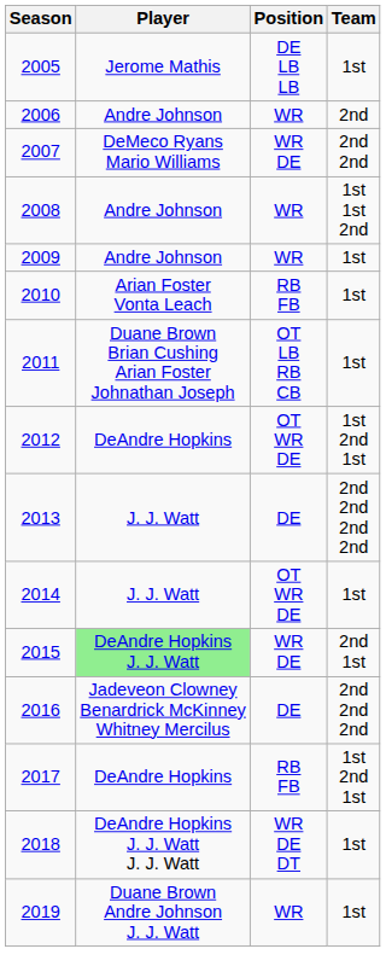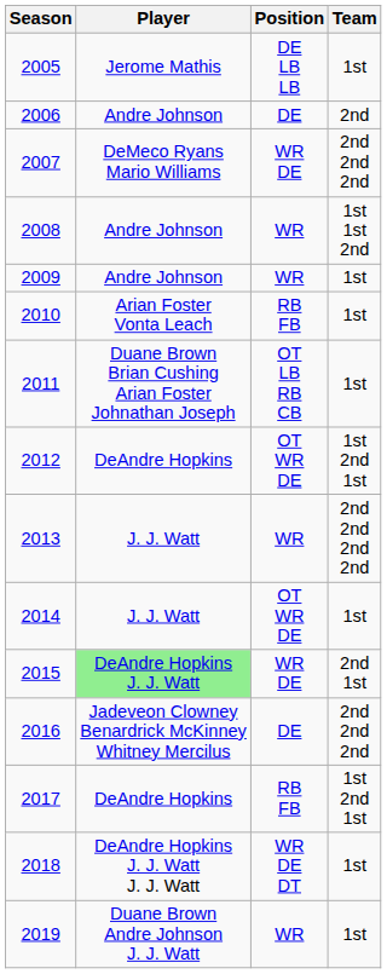 <table class="wikitable" style="text-align:center">
 <tr bgcolor="#efefef">
 <th>Season</th>
 <th>Player</th>
 <th>Position</th>
 <th>Team</th>
 </tr>
 <tr>
 <td><a href='#'>2005</a></td>
 <td><a href='#'>Jerome Mathis</a></td>
 <td><a href='#'>DE</a><br><a href='#'>LB</a><br><a href='#'>LB</a></td>
 <td>1st</td>
 </tr>
 <tr>
 <td><a href='#'>2006</a></td>
 <td><a href='#'>Andre Johnson</a></td>
-<td><a href='#'>WR</a></td>
+<td><a href='#'>DE</a></td>
 <td>2nd</td>
 </tr>
 <tr>
 <td><a href='#'>2007</a></td>
 <td><a href='#'>DeMeco Ryans</a><br><a href='#'>Mario Williams</a></td>
 <td><a href='#'>WR</a><br><a href='#'>DE</a></td>
-<td>2nd<br>2nd</td>
+<td>2nd<br>2nd<br>2nd</td>
 </tr>
 <tr>
 <td><a href='#'>2008</a></td>
 <td><a href='#'>Andre Johnson</a></td>
 <td><a href='#'>WR</a></td>
 <td>1st<br>1st<br>2nd</td>
 </tr>
 <tr>
 <td><a href='#'>2009</a></td>
 <td><a href='#'>Andre Johnson</a></td>
 <td><a href='#'>WR</a></td>
 <td>1st</td>
 </tr>
 <tr>
 <td><a href='#'>2010</a></td>
 <td><a href='#'>Arian Foster</a><br><a href='#'>Vonta Leach</a></td>
 <td><a href='#'>RB</a><br><a href='#'>FB</a></td>
 <td>1st</td>
 </tr>
 <tr>
 <td><a href='#'>2011</a></td>
 <td><a href='#'>Duane Brown</a><br><a href='#'>Brian Cushing</a><br><a href='#'>Arian Foster</a><br><a href='#'>Johnathan Joseph</a></td>
 <td><a href='#'>OT</a><br><a href='#'>LB</a><br><a href='#'>RB</a><br><a href='#'>CB</a></td>
 <td>1st</td>
 </tr>
 <tr>
 <td><a href='#'>2012</a></td>
 <td><a href='#'>DeAndre Hopkins</a></td>
 <td><a href='#'>OT</a><br><a href='#'>WR</a><br><a href='#'>DE</a></td>
 <td>1st<br>2nd<br>1st</td>
 </tr>
 <tr>
 <td><a href='#'>2013</a></td>
 <td><a href='#'>J. J. Watt</a></td>
-<td><a href='#'>DE</a></td>
+<td><a href='#'>WR</a></td>
 <td>2nd<br>2nd<br>2nd<br>2nd</td>
 </tr>
 <tr>
 <td><a href='#'>2014</a></td>
 <td><a href='#'>J. J. Watt</a></td>
 <td><a href='#'>OT</a><br><a href='#'>WR</a><br><a href='#'>DE</a></td>
 <td>1st</td>
 </tr>
 <tr>
 <td><a href='#'>2015</a></td>
 <td style="background: lightgreen;"><a href='#'>DeAndre Hopkins</a><br><a href='#'>J. J. Watt</a></td>
 <td><a href='#'>WR</a><br><a href='#'>DE</a></td>
 <td>2nd<br>1st</td>
 </tr>
 <tr>
 <td><a href='#'>2016</a></td>
 <td><a href='#'>Jadeveon Clowney</a><br><a href='#'>Benardrick McKinney</a><br><a href='#'>Whitney Mercilus</a></td>
 <td><a href='#'>DE</a></td>
 <td>2nd<br>2nd<br>2nd</td>
 </tr>
 <tr>
 <td><a href='#'>2017</a></td>
 <td><a href='#'>DeAndre Hopkins</a></td>
 <td><a href='#'>RB</a><br><a href='#'>FB</a></td>
 <td>1st<br>2nd<br>1st</td>
 </tr>
 <tr>
 <td><a href='#'>2018</a></td>
 <td><a href='#'>DeAndre Hopkins</a><br><a href='#'>J. J. Watt</a><br>J. J. Watt</td>
 <td><a href='#'>WR</a><br><a href='#'>DE</a><br><a href='#'>DT</a></td>
 <td>1st</td>
 </tr>
 <tr>
 <td><a href='#'>2019</a></td>
 <td><a href='#'>Duane Brown</a><br><a href='#'>Andre Johnson</a><br><a href='#'>J. J. Watt</a></td>
 <td><a href='#'>WR</a></td>
 <td>1st</td>
 </tr>
 </table>
